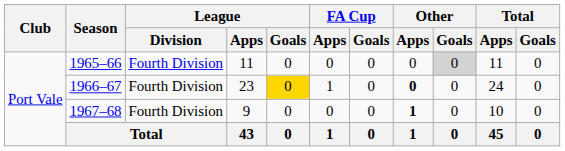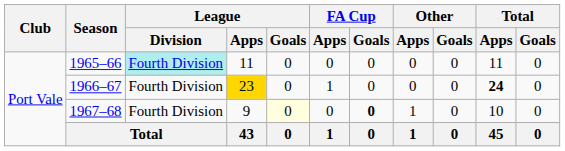 <table class="wikitable" style="text-align:center">
 <tr>
 <th rowspan="2">Club</th>
 <th rowspan="2">Season</th>
 <th colspan="3">League</th>
 <th colspan="2"><a href='#'>FA Cup</a></th>
 <th colspan="2">Other</th>
 <th colspan="2">Total</th>
 </tr>
 <tr>
 <th>Division</th>
 <th>Apps</th>
 <th>Goals</th>
 <th>Apps</th>
 <th>Goals</th>
 <th>Apps</th>
 <th>Goals</th>
 <th>Apps</th>
 <th>Goals</th>
 </tr>
 <tr>
 <td rowspan="4"><a href='#'>Port Vale</a></td>
 <td><a href='#'>1965–66</a></td>
-<td><a href='#'>Fourth Division</a></td>
+<td style="background: paleturquoise;"><a href='#'>Fourth Division</a></td>
 <td>11</td>
 <td>0</td>
 <td>0</td>
 <td>0</td>
 <td>0</td>
-<td style="background: lightgrey;">0</td>
+<td>0</td>
 <td>11</td>
 <td>0</td>
 </tr>
 <tr>
 <td><a href='#'>1966–67</a></td>
 <td>Fourth Division</td>
-<td>23</td>
-<td style="background: gold;">0</td>
+<td style="background: gold;">23</td>
+<td>0</td>
 <td>1</td>
 <td>0</td>
-<td><strong>0</strong></td>
 <td>0</td>
-<td>24</td>
+<td>0</td>
+<td><strong>24</strong></td>
 <td>0</td>
 </tr>
 <tr>
 <td><a href='#'>1967–68</a></td>
 <td>Fourth Division</td>
 <td>9</td>
+<td style="background: lightyellow;">0</td>
 <td>0</td>
-<td>0</td>
-<td>0</td>
-<td><strong>1</strong></td>
+<td><strong>0</strong></td>
+<td>1</td>
 <td>0</td>
 <td>10</td>
 <td>0</td>
 </tr>
 <tr>
 <th colspan="2">Total</th>
 <th>43</th>
 <th>0</th>
 <th>1</th>
 <th>0</th>
 <th>1</th>
 <th>0</th>
 <th>45</th>
 <th>0</th>
 </tr>
 </table>
